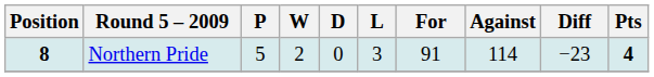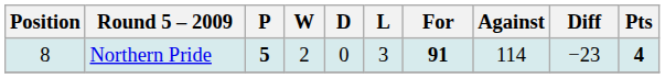 <table class="wikitable" style="text-align:center; font-size:85%;">
 <tr>
 <th width=40 abbr="Position">Position</th>
 <th width=100>Round 5 – 2009</th>
 <th width=20 abbr="Played">P</th>
 <th width=20 abbr="Won">W</th>
 <th width=20 abbr="Drawn">D</th>
 <th width=20 abbr="Lost">L</th>
 <th width=40 abbr="Points for">For</th>
 <th width=40 abbr="Points against">Against</th>
 <th width=40 abbr="Points difference">Diff</th>
 <th width=20 abbr="Points">Pts</th>
 </tr>
 <tr style="background: #d7ebed;">
-<td><strong>8</strong></td>
+<td>8</td>
 <td style="text-align:left;"> <a href='#'>Northern Pride</a></td>
-<td>5</td>
+<td><strong>5</strong></td>
 <td>2</td>
 <td>0</td>
 <td>3</td>
-<td>91</td>
+<td><strong>91</strong></td>
 <td>114</td>
 <td>−23</td>
 <td><strong>4</strong></td>
 </tr>
 <tr>
 </tr>
 </table>
